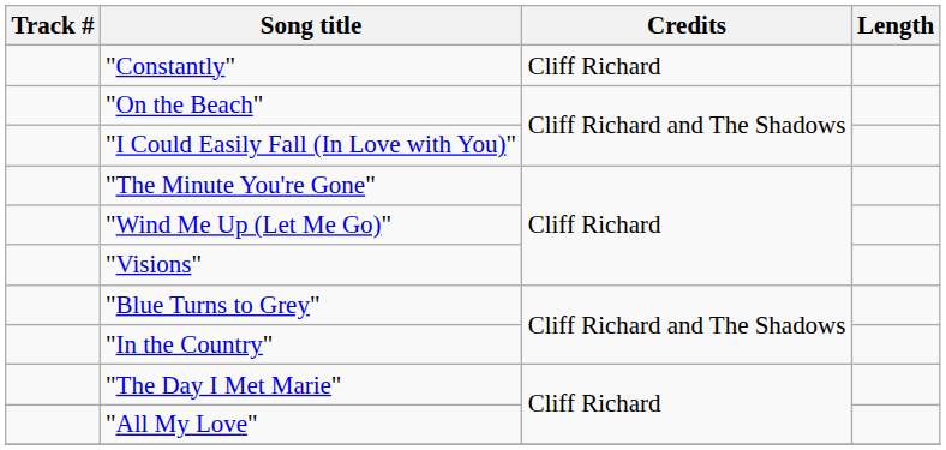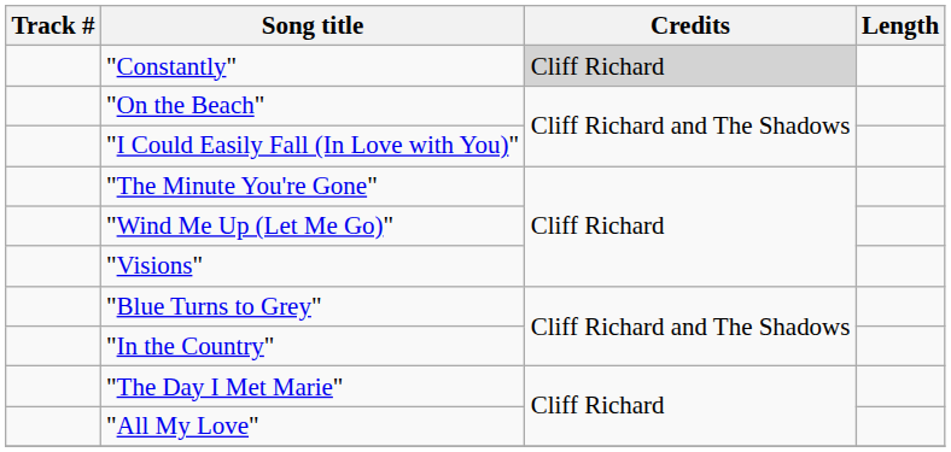 <table class="wikitable">
 <tr>
 <th>Track #</th>
 <th>Song title</th>
 <th>Credits</th>
 <th>Length</th>
 </tr>
 <tr>
 <td></td>
 <td>"<a href='#'>Constantly</a>"</td>
-<td rowspan="1">Cliff Richard</td>
+<td rowspan="1" style="background: lightgrey;">Cliff Richard</td>
 <td></td>
 </tr>
 <tr>
 <td></td>
 <td>"<a href='#'>On the Beach</a>"</td>
 <td rowspan="2">Cliff Richard and The Shadows</td>
 <td></td>
 </tr>
 <tr>
 <td></td>
 <td>"<a href='#'>I Could Easily Fall (In Love with You)</a>"</td>
 <td></td>
 </tr>
 <tr>
 <td></td>
 <td>"<a href='#'>The Minute You're Gone</a>"</td>
 <td rowspan=3>Cliff Richard</td>
 <td></td>
 </tr>
 <tr>
 <td></td>
 <td>"<a href='#'>Wind Me Up (Let Me Go)</a>"</td>
 <td></td>
 </tr>
 <tr>
 <td></td>
 <td>"<a href='#'>Visions</a>"</td>
 <td></td>
 </tr>
 <tr>
 <td></td>
 <td>"<a href='#'>Blue Turns to Grey</a>"</td>
 <td rowspan=2>Cliff Richard and The Shadows</td>
 <td></td>
 </tr>
 <tr>
 <td></td>
 <td>"<a href='#'>In the Country</a>"</td>
 <td></td>
 </tr>
 <tr>
 <td></td>
 <td>"<a href='#'>The Day I Met Marie</a>"</td>
 <td rowspan=2>Cliff Richard</td>
 <td></td>
 </tr>
 <tr>
 <td></td>
 <td>"<a href='#'>All My Love</a>"</td>
 <td></td>
 </tr>
 <tr>
 </tr>
 </table>
